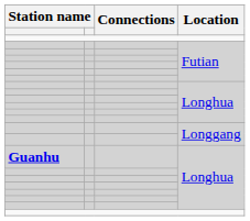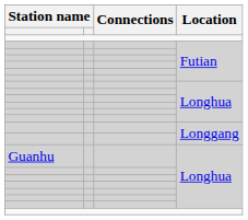 <table class="wikitable">
 <tr>
 <th colspan="2">Station name</th>
 <th rowspan="2">Connections</th>
 <th rowspan="2">Location</th>
 </tr>
 <tr>
 <th></th>
 <th></th>
 </tr>
 <tr style="background:#">
 <td colspan = "7"></td>
 </tr>
 <tr bgcolor="lightgrey">
 <td></td>
 <td></td>
 <td></td>
 <td rowspan=6><a href='#'>Futian</a></td>
 </tr>
 <tr bgcolor="lightgrey">
 <td></td>
 <td></td>
 <td> </td>
 </tr>
 <tr bgcolor="lightgrey">
 <td></td>
 <td></td>
 <td></td>
 </tr>
 <tr bgcolor="lightgrey">
 <td></td>
 <td></td>
 <td> </td>
 </tr>
 <tr bgcolor="lightgrey">
 <td></td>
 <td></td>
 <td></td>
 </tr>
 <tr bgcolor="lightgrey">
 <td></td>
 <td></td>
 <td> </td>
 </tr>
 <tr bgcolor="lightgrey">
 <td></td>
 <td></td>
 <td></td>
 <td rowspan=6><a href='#'>Longhua</a></td>
 </tr>
 <tr bgcolor="lightgrey">
 <td></td>
 <td></td>
 <td></td>
 </tr>
 <tr bgcolor="lightgrey">
 <td></td>
 <td></td>
 <td></td>
 </tr>
 <tr bgcolor="lightgrey">
 <td></td>
 <td></td>
 <td></td>
 </tr>
 <tr bgcolor="lightgrey">
 <td></td>
 <td></td>
 <td></td>
 </tr>
 <tr bgcolor="lightgrey">
 <td></td>
 <td></td>
 <td></td>
 </tr>
 <tr bgcolor="lightgrey">
 <td></td>
 <td></td>
 <td></td>
 <td rowspan=2><a href='#'>Longgang</a></td>
 </tr>
 <tr bgcolor="lightgrey">
 <td></td>
 <td></td>
 <td></td>
 </tr>
 <tr bgcolor="lightgrey">
-<td><strong><a href='#'>Guanhu</a></strong></td>
+<td><a href='#'>Guanhu</a></td>
 <td></td>
 <td></td>
 <td rowspan=7><a href='#'>Longhua</a></td>
 </tr>
 <tr bgcolor="lightgrey">
 <td></td>
 <td></td>
 <td></td>
 </tr>
 <tr bgcolor="lightgrey">
 <td></td>
 <td></td>
 <td></td>
 </tr>
 <tr bgcolor="lightgrey">
 <td></td>
 <td></td>
 <td></td>
 </tr>
 <tr bgcolor="lightgrey">
 <td></td>
 <td></td>
 <td></td>
 </tr>
 <tr bgcolor="lightgrey">
 <td></td>
 <td></td>
 <td></td>
 </tr>
 <tr bgcolor="lightgrey">
 <td></td>
 <td></td>
 <td></td>
 </tr>
 <tr style="background:#">
 <td colspan = "7"></td>
 </tr>
 </table>
